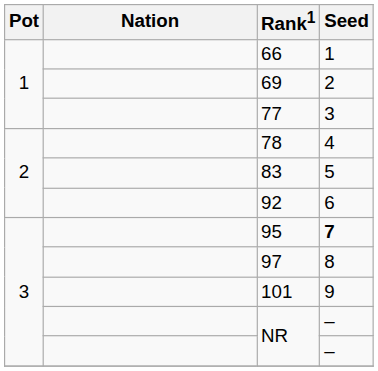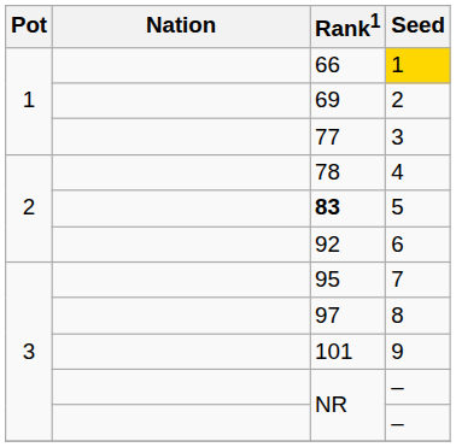 <table class="wikitable">
 <tr>
 <th>Pot</th>
 <th width="175">Nation</th>
 <th>Rank<sup>1</sup></th>
 <th>Seed</th>
 </tr>
 <tr>
 <td rowspan=3 style="text-align:center;">1</td>
 <td></td>
 <td>66</td>
-<td>1</td>
+<td style="background: gold;">1</td>
 </tr>
 <tr>
 <td></td>
 <td>69</td>
 <td>2</td>
 </tr>
 <tr>
 <td></td>
 <td>77</td>
 <td>3</td>
 </tr>
 <tr>
 <td rowspan=3 style="text-align:center;">2</td>
 <td></td>
 <td>78</td>
 <td>4</td>
 </tr>
 <tr>
 <td></td>
-<td>83</td>
+<td><strong>83</strong></td>
 <td>5</td>
 </tr>
 <tr>
 <td></td>
 <td>92</td>
 <td>6</td>
 </tr>
 <tr>
 <td rowspan=5 style="text-align:center;">3</td>
 <td></td>
 <td>95</td>
-<td><strong>7</strong></td>
+<td>7</td>
 </tr>
 <tr>
 <td></td>
 <td>97</td>
 <td>8</td>
 </tr>
 <tr>
 <td></td>
 <td>101</td>
 <td>9</td>
 </tr>
 <tr>
 <td></td>
 <td rowspan=2>NR</td>
 <td>–</td>
 </tr>
 <tr>
 <td></td>
 <td>–</td>
 </tr>
 <tr>
 </tr>
 </table>
